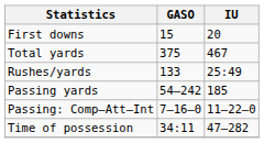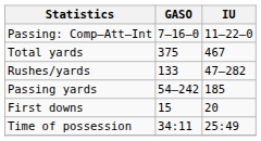 <table class="wikitable" style="float: left;">
 <tr>
 <th>Statistics</th>
 <th>GASO</th>
 <th>IU</th>
 </tr>
 <tr>
-<td>First downs</td>
-<td>15</td>
-<td>20</td>
+<td>Passing: Comp–Att–Int</td>
+<td>7–16–0</td>
+<td>11–22–0</td>
 </tr>
 <tr>
 <td>Total yards</td>
 <td>375</td>
 <td>467</td>
 </tr>
 <tr>
 <td>Rushes/yards</td>
 <td>133</td>
-<td>25:49</td>
+<td>47–282</td>
 </tr>
 <tr>
 <td>Passing yards</td>
 <td>54–242</td>
 <td>185</td>
 </tr>
 <tr>
-<td>Passing: Comp–Att–Int</td>
-<td>7–16–0</td>
-<td>11–22–0</td>
+<td>First downs</td>
+<td>15</td>
+<td>20</td>
 </tr>
 <tr>
 <td>Time of possession</td>
 <td>34:11</td>
-<td>47–282</td>
+<td>25:49</td>
 </tr>
 <tr>
 </tr>
 </table>
